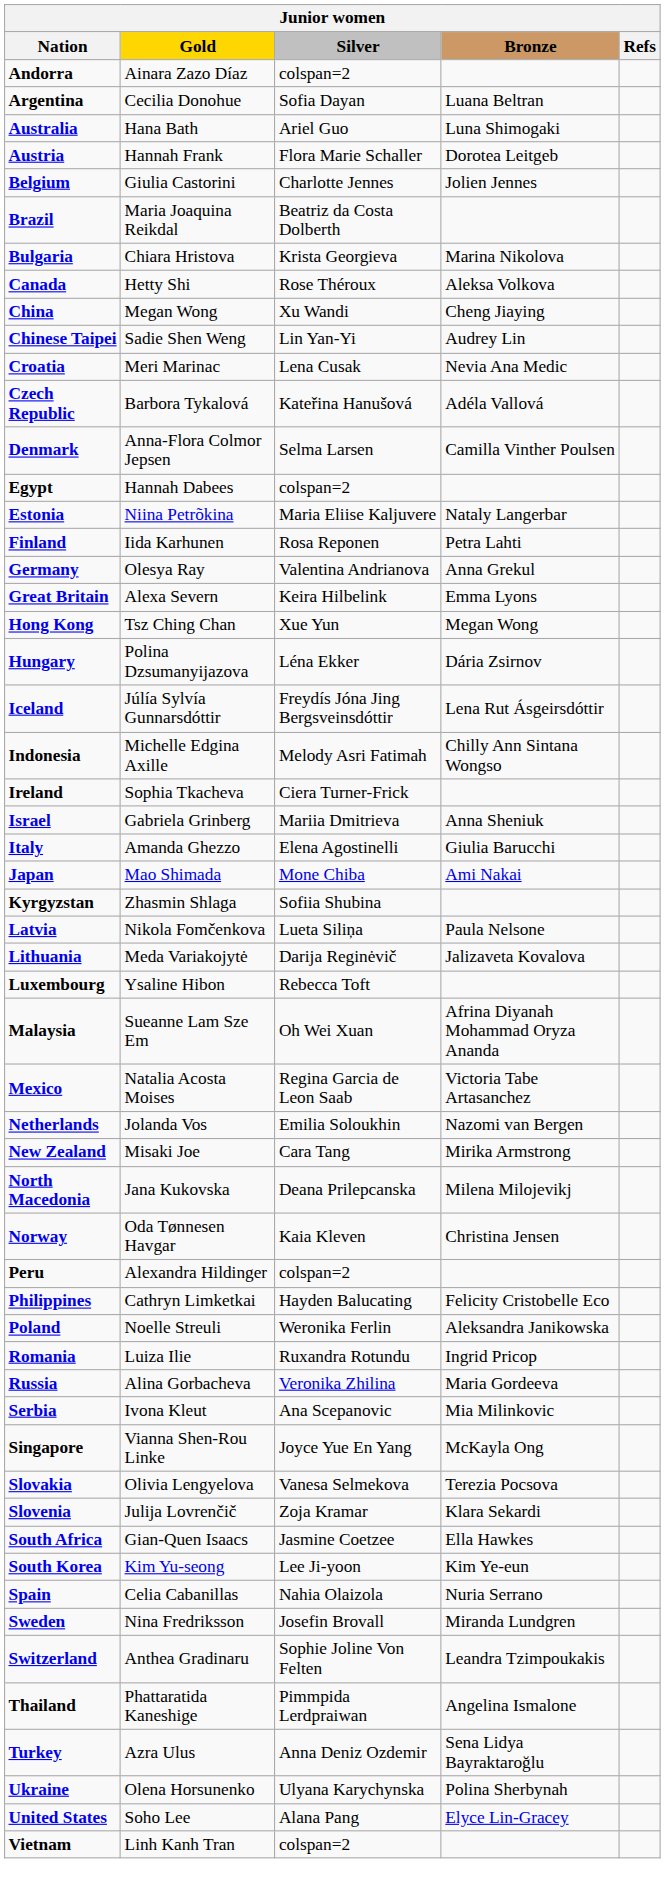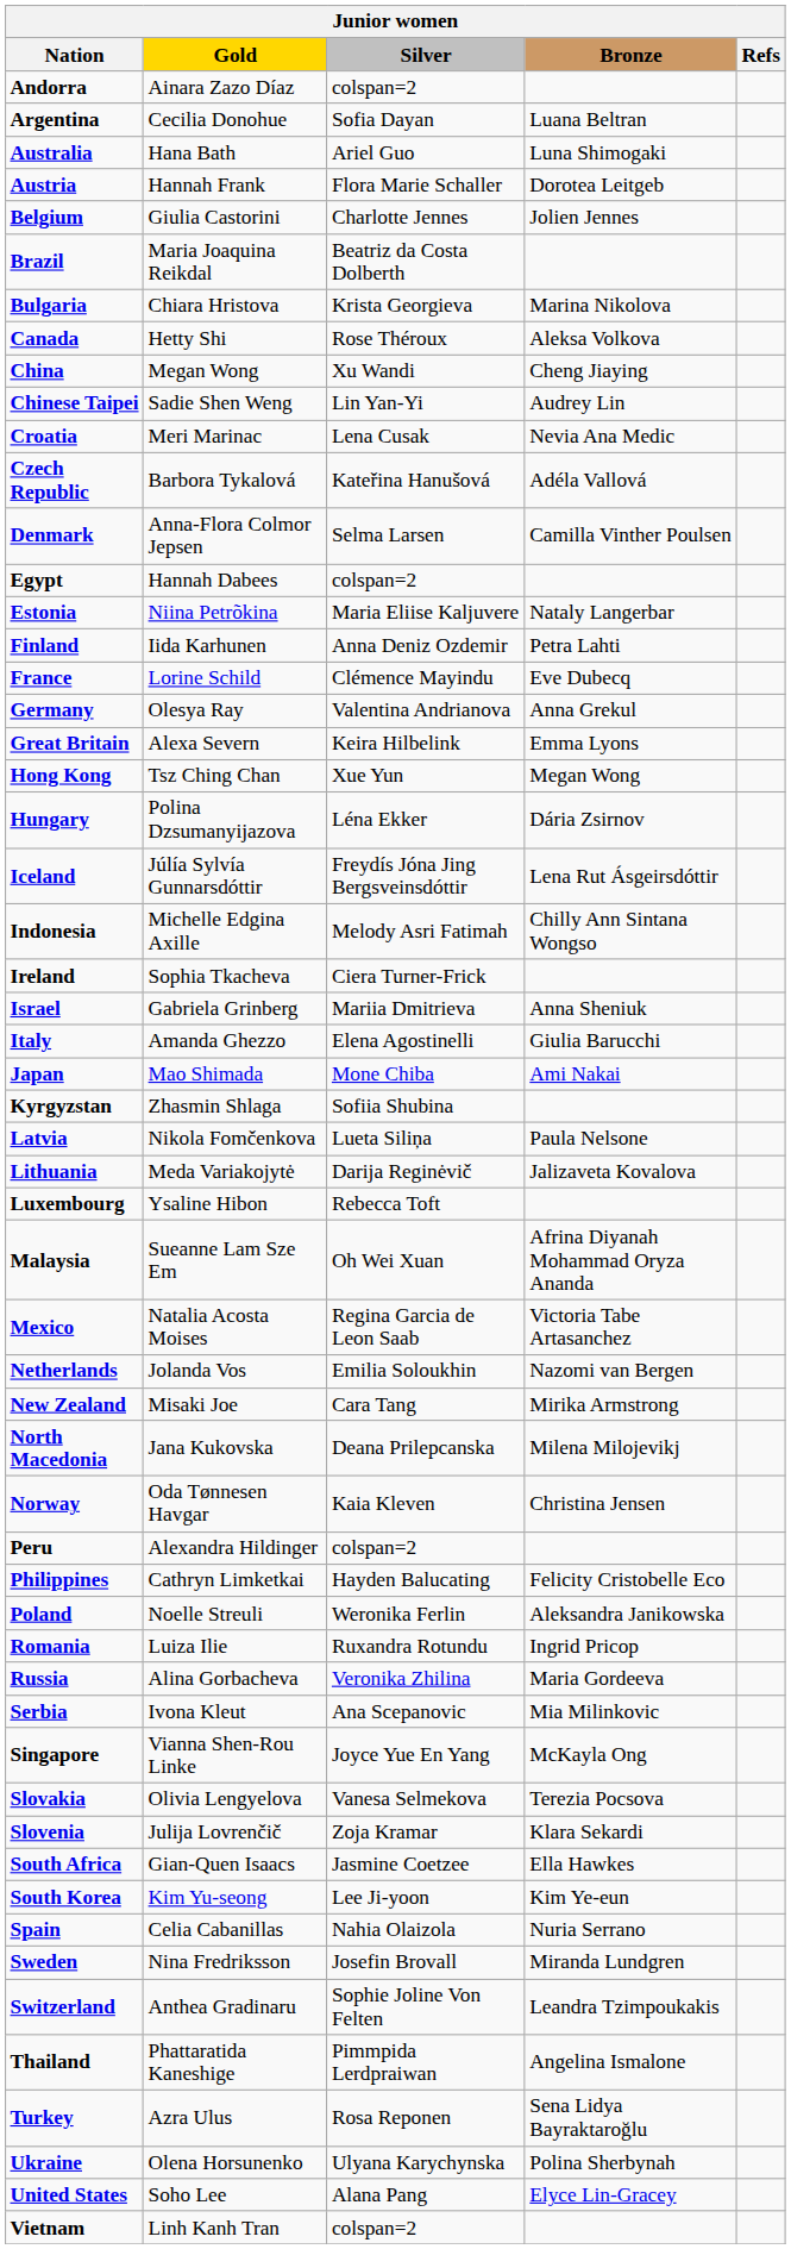 <table class="wikitable">
 <tr>
 <th colspan=5>Junior women</th>
 </tr>
 <tr>
 <th>Nation</th>
 <td style="text-align:center; background:gold;"><strong>Gold</strong></td>
 <td style="text-align:center; background:silver;"><strong>Silver</strong></td>
 <td style="text-align:center; background:#c96;"><strong>Bronze</strong></td>
 <th>Refs</th>
 </tr>
 <tr>
 <td><strong> Andorra</strong></td>
 <td>Ainara Zazo Díaz</td>
 <td>colspan=2 </td>
 <td></td>
 </tr>
 <tr>
 <td><strong> Argentina</strong></td>
 <td>Cecilia Donohue</td>
 <td>Sofia Dayan</td>
 <td>Luana Beltran</td>
 <td></td>
 </tr>
 <tr>
 <td><strong> <a href='#'>Australia</a></strong></td>
 <td>Hana Bath</td>
 <td>Ariel Guo</td>
 <td>Luna Shimogaki</td>
 <td></td>
 </tr>
 <tr>
 <td><strong> <a href='#'>Austria</a></strong></td>
 <td>Hannah Frank</td>
 <td>Flora Marie Schaller</td>
 <td>Dorotea Leitgeb</td>
 <td></td>
 </tr>
 <tr>
 <td><strong> <a href='#'>Belgium</a></strong></td>
 <td>Giulia Castorini</td>
 <td>Charlotte Jennes</td>
 <td>Jolien Jennes</td>
 <td></td>
 </tr>
 <tr>
 <td><strong> <a href='#'>Brazil</a></strong></td>
 <td>Maria Joaquina Reikdal</td>
 <td>Beatriz da Costa Dolberth</td>
 <td></td>
 <td></td>
 </tr>
 <tr>
 <td><strong> <a href='#'>Bulgaria</a></strong></td>
 <td>Chiara Hristova</td>
 <td>Krista Georgieva</td>
 <td>Marina Nikolova</td>
 <td></td>
 </tr>
 <tr>
 <td><strong> <a href='#'>Canada</a></strong></td>
 <td>Hetty Shi</td>
 <td>Rose Théroux</td>
 <td>Aleksa Volkova</td>
 <td></td>
 </tr>
 <tr>
 <td><strong> <a href='#'>China</a></strong></td>
 <td>Megan Wong</td>
 <td>Xu Wandi</td>
 <td>Cheng Jiaying</td>
 <td></td>
 </tr>
 <tr>
 <td><strong> <a href='#'>Chinese Taipei</a></strong></td>
 <td>Sadie Shen Weng</td>
 <td>Lin Yan-Yi</td>
 <td>Audrey Lin</td>
 <td></td>
 </tr>
 <tr>
 <td><strong> <a href='#'>Croatia</a></strong></td>
 <td>Meri Marinac</td>
 <td>Lena Cusak</td>
 <td>Nevia Ana Medic</td>
 <td></td>
 </tr>
 <tr>
 <td><strong> <a href='#'>Czech Republic</a></strong></td>
 <td>Barbora Tykalová</td>
 <td>Kateřina Hanušová</td>
 <td>Adéla Vallová</td>
 <td></td>
 </tr>
 <tr>
 <td><strong> <a href='#'>Denmark</a></strong></td>
 <td>Anna-Flora Colmor Jepsen</td>
 <td>Selma Larsen</td>
 <td>Camilla Vinther Poulsen</td>
 <td></td>
 </tr>
 <tr>
 <td><strong> Egypt</strong></td>
 <td>Hannah Dabees</td>
 <td>colspan=2 </td>
 <td></td>
 </tr>
 <tr>
 <td><strong> <a href='#'>Estonia</a></strong></td>
 <td><a href='#'>Niina Petrõkina</a></td>
 <td>Maria Eliise Kaljuvere</td>
 <td>Nataly Langerbar</td>
 <td></td>
 </tr>
 <tr>
 <td><strong> <a href='#'>Finland</a></strong></td>
 <td>Iida Karhunen</td>
-<td>Rosa Reponen</td>
+<td>Anna Deniz Ozdemir</td>
 <td>Petra Lahti</td>
+<td></td>
+</tr>
+<tr>
+<td><strong> <a href='#'>France</a></strong></td>
+<td><a href='#'>Lorine Schild</a></td>
+<td>Clémence Mayindu</td>
+<td>Eve Dubecq</td>
 <td></td>
 </tr>
 <tr>
 <td><strong> <a href='#'>Germany</a></strong></td>
 <td>Olesya Ray</td>
 <td>Valentina Andrianova</td>
 <td>Anna Grekul</td>
 <td></td>
 </tr>
 <tr>
 <td><strong> <a href='#'>Great Britain</a></strong></td>
 <td>Alexa Severn</td>
 <td>Keira Hilbelink</td>
 <td>Emma Lyons</td>
 <td></td>
 </tr>
 <tr>
 <td><strong> <a href='#'>Hong Kong</a></strong></td>
 <td>Tsz Ching Chan</td>
 <td>Xue Yun</td>
 <td>Megan Wong</td>
 <td></td>
 </tr>
 <tr>
 <td><strong> <a href='#'>Hungary</a></strong></td>
 <td>Polina Dzsumanyijazova</td>
 <td>Léna Ekker</td>
 <td>Dária Zsirnov</td>
 <td></td>
 </tr>
 <tr>
 <td><strong> <a href='#'>Iceland</a></strong></td>
 <td>Júlía Sylvía Gunnarsdóttir</td>
 <td>Freydís Jóna Jing Bergsveinsdóttir</td>
 <td>Lena Rut Ásgeirsdóttir</td>
 <td></td>
 </tr>
 <tr>
 <td><strong> Indonesia</strong></td>
 <td>Michelle Edgina Axille</td>
 <td>Melody Asri Fatimah</td>
 <td>Chilly Ann Sintana Wongso</td>
 <td></td>
 </tr>
 <tr>
 <td><strong> Ireland</strong></td>
 <td>Sophia Tkacheva</td>
 <td>Ciera Turner-Frick</td>
 <td></td>
 <td></td>
 </tr>
 <tr>
 <td><strong> <a href='#'>Israel</a></strong></td>
 <td>Gabriela Grinberg</td>
 <td>Mariia Dmitrieva</td>
 <td>Anna Sheniuk</td>
 <td></td>
 </tr>
 <tr>
 <td><strong> <a href='#'>Italy</a></strong></td>
 <td>Amanda Ghezzo</td>
 <td>Elena Agostinelli</td>
 <td>Giulia Barucchi</td>
 <td></td>
 </tr>
 <tr>
 <td><strong> <a href='#'>Japan</a></strong></td>
 <td><a href='#'>Mao Shimada</a></td>
 <td><a href='#'>Mone Chiba</a></td>
 <td><a href='#'>Ami Nakai</a></td>
 <td></td>
 </tr>
 <tr>
 <td><strong> Kyrgyzstan</strong></td>
 <td>Zhasmin Shlaga</td>
 <td>Sofiia Shubina</td>
 <td></td>
 <td></td>
 </tr>
 <tr>
 <td><strong> <a href='#'>Latvia</a></strong></td>
 <td>Nikola Fomčenkova</td>
 <td>Lueta Siliņa</td>
 <td>Paula Nelsone</td>
 <td></td>
 </tr>
 <tr>
 <td><strong> <a href='#'>Lithuania</a></strong></td>
 <td>Meda Variakojytė</td>
 <td>Darija Reginėvič</td>
 <td>Jalizaveta Kovalova</td>
 <td></td>
 </tr>
 <tr>
 <td><strong> Luxembourg</strong></td>
 <td>Ysaline Hibon</td>
 <td>Rebecca Toft</td>
 <td></td>
 <td></td>
 </tr>
 <tr>
 <td><strong> Malaysia</strong></td>
 <td>Sueanne Lam Sze Em</td>
 <td>Oh Wei Xuan</td>
 <td>Afrina Diyanah Mohammad Oryza Ananda</td>
 <td></td>
 </tr>
 <tr>
 <td><strong> <a href='#'>Mexico</a></strong></td>
 <td>Natalia Acosta Moises</td>
 <td>Regina Garcia de Leon Saab</td>
 <td>Victoria Tabe Artasanchez</td>
 <td></td>
 </tr>
 <tr>
 <td><strong> <a href='#'>Netherlands</a></strong></td>
 <td>Jolanda Vos</td>
 <td>Emilia Soloukhin</td>
 <td>Nazomi van Bergen</td>
 <td></td>
 </tr>
 <tr>
 <td><strong> <a href='#'>New Zealand</a></strong></td>
 <td>Misaki Joe</td>
 <td>Cara Tang</td>
 <td>Mirika Armstrong</td>
 <td></td>
 </tr>
 <tr>
 <td><strong> <a href='#'>North Macedonia</a></strong></td>
 <td>Jana Kukovska</td>
 <td>Deana Prilepcanska</td>
 <td>Milena Milojevikj</td>
 <td></td>
 </tr>
 <tr>
 <td><strong> <a href='#'>Norway</a></strong></td>
 <td>Oda Tønnesen Havgar</td>
 <td>Kaia Kleven</td>
 <td>Christina Jensen</td>
 <td></td>
 </tr>
 <tr>
 <td><strong> Peru</strong></td>
 <td>Alexandra Hildinger</td>
 <td>colspan=2 </td>
 <td></td>
 </tr>
 <tr>
 <td><strong> <a href='#'>Philippines</a></strong></td>
 <td>Cathryn Limketkai</td>
 <td>Hayden Balucating</td>
 <td>Felicity Cristobelle Eco</td>
 <td></td>
 </tr>
 <tr>
 <td><strong> <a href='#'>Poland</a></strong></td>
 <td>Noelle Streuli</td>
 <td>Weronika Ferlin</td>
 <td>Aleksandra Janikowska</td>
 <td></td>
 </tr>
 <tr>
 <td><strong> <a href='#'>Romania</a></strong></td>
 <td>Luiza Ilie</td>
 <td>Ruxandra Rotundu</td>
 <td>Ingrid Pricop</td>
 <td></td>
 </tr>
 <tr>
 <td><strong> <a href='#'>Russia</a></strong></td>
 <td>Alina Gorbacheva</td>
 <td><a href='#'>Veronika Zhilina</a></td>
 <td>Maria Gordeeva</td>
 <td></td>
 </tr>
 <tr>
 <td><strong> <a href='#'>Serbia</a></strong></td>
 <td>Ivona Kleut</td>
 <td>Ana Scepanovic</td>
 <td>Mia Milinkovic</td>
 <td></td>
 </tr>
 <tr>
 <td><strong> Singapore</strong></td>
 <td>Vianna Shen-Rou Linke</td>
 <td>Joyce Yue En Yang</td>
 <td>McKayla Ong</td>
 <td></td>
 </tr>
 <tr>
 <td><strong> <a href='#'>Slovakia</a></strong></td>
 <td>Olivia Lengyelova</td>
 <td>Vanesa Selmekova</td>
 <td>Terezia Pocsova</td>
 <td></td>
 </tr>
 <tr>
 <td><strong> <a href='#'>Slovenia</a></strong></td>
 <td>Julija Lovrenčič</td>
 <td>Zoja Kramar</td>
 <td>Klara Sekardi</td>
 <td></td>
 </tr>
 <tr>
 <td><strong> <a href='#'>South Africa</a></strong></td>
 <td>Gian-Quen Isaacs</td>
 <td>Jasmine Coetzee</td>
 <td>Ella Hawkes</td>
 <td></td>
 </tr>
 <tr>
 <td><strong> <a href='#'>South Korea</a></strong></td>
 <td><a href='#'>Kim Yu-seong</a></td>
 <td>Lee Ji-yoon</td>
 <td>Kim Ye-eun</td>
 <td></td>
 </tr>
 <tr>
 <td><strong> <a href='#'>Spain</a></strong></td>
 <td>Celia Cabanillas</td>
 <td>Nahia Olaizola</td>
 <td>Nuria Serrano</td>
 <td></td>
 </tr>
 <tr>
 <td><strong> <a href='#'>Sweden</a></strong></td>
 <td>Nina Fredriksson</td>
 <td>Josefin Brovall</td>
 <td>Miranda Lundgren</td>
 <td></td>
 </tr>
 <tr>
 <td><strong> <a href='#'>Switzerland</a></strong></td>
 <td>Anthea Gradinaru</td>
 <td>Sophie Joline Von Felten</td>
 <td>Leandra Tzimpoukakis</td>
 <td></td>
 </tr>
 <tr>
 <td><strong> Thailand</strong></td>
 <td>Phattaratida Kaneshige</td>
 <td>Pimmpida Lerdpraiwan</td>
 <td>Angelina Ismalone</td>
 <td></td>
 </tr>
 <tr>
 <td><strong> <a href='#'>Turkey</a></strong></td>
 <td>Azra Ulus</td>
-<td>Anna Deniz Ozdemir</td>
+<td>Rosa Reponen</td>
 <td>Sena Lidya Bayraktaroğlu</td>
 <td></td>
 </tr>
 <tr>
 <td><strong> <a href='#'>Ukraine</a></strong></td>
 <td>Olena Horsunenko</td>
 <td>Ulyana Karychynska</td>
 <td>Polina Sherbynah</td>
 <td></td>
 </tr>
 <tr>
 <td><strong> <a href='#'>United States</a></strong></td>
 <td>Soho Lee</td>
 <td>Alana Pang</td>
 <td><a href='#'>Elyce Lin-Gracey</a></td>
 <td></td>
 </tr>
 <tr>
 <td><strong> Vietnam</strong></td>
 <td>Linh Kanh Tran</td>
 <td>colspan=2 </td>
 <td></td>
 </tr>
 </table>
